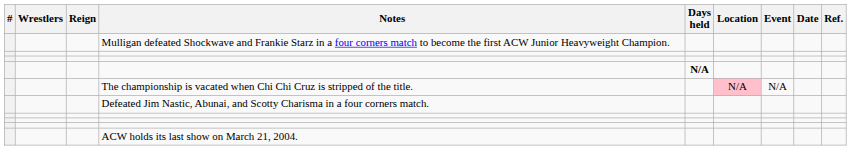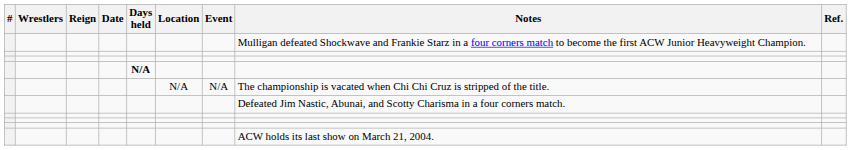 <table class="wikitable sortable" width=98% style="text-align:center;">
 <tr>
 <th>#</th>
 <th>Wrestlers</th>
 <th>Reign</th>
-<th>Notes</th>
+<th>Date</th>
 <th>Days<br>held</th>
 <th>Location</th>
 <th>Event</th>
-<th>Date</th>
+<th>Notes</th>
 <th>Ref.</th>
 </tr>
 <tr>
 <th></th>
 <td></td>
 <td></td>
-<td align="left">Mulligan defeated Shockwave and Frankie Starz in a <a href='#'>four corners match</a> to become the first ACW Junior Heavyweight Champion.</td>
 <td></td>
 <td></td>
 <td></td>
 <td></td>
+<td align="left">Mulligan defeated Shockwave and Frankie Starz in a <a href='#'>four corners match</a> to become the first ACW Junior Heavyweight Champion.</td>
 <td align="left"></td>
 </tr>
 <tr>
 <th></th>
 <td></td>
 <td></td>
-<td align="left"></td>
 <td></td>
 <td></td>
 <td></td>
 <td></td>
+<td align="left"></td>
 <td align="left"></td>
 </tr>
 <tr>
 <th></th>
 <td></td>
 <td></td>
-<td align="left"></td>
 <td></td>
 <td></td>
 <td></td>
 <td></td>
+<td align="left"></td>
 <td align="left"></td>
 </tr>
 <tr>
 <th></th>
 <td></td>
 <td></td>
-<td align="left"></td>
+<td></td>
 <td><strong>N/A</strong></td>
 <td></td>
 <td></td>
-<td></td>
+<td align="left"></td>
 <td align="left"></td>
 </tr>
 <tr>
 <th></th>
 <td></td>
 <td></td>
+<td></td>
+<td></td>
+<td>N/A</td>
+<td>N/A</td>
 <td align="left">The championship is vacated when Chi Chi Cruz is stripped of the title.</td>
-<td></td>
-<td style="background: pink;">N/A</td>
-<td>N/A</td>
-<td></td>
 <td align="left"></td>
 </tr>
 <tr>
 <th></th>
 <td></td>
 <td></td>
-<td align="left">Defeated Jim Nastic, Abunai, and Scotty Charisma in a four corners match.</td>
 <td></td>
 <td></td>
 <td></td>
 <td></td>
+<td align="left">Defeated Jim Nastic, Abunai, and Scotty Charisma in a four corners match.</td>
 <td align="left"></td>
 </tr>
 <tr>
 <th></th>
 <td></td>
 <td></td>
-<td align="left"></td>
 <td></td>
 <td></td>
 <td></td>
 <td></td>
+<td align="left"></td>
 <td align="left"></td>
 </tr>
 <tr>
 <th></th>
 <td></td>
 <td></td>
-<td align="left"></td>
 <td></td>
 <td></td>
 <td></td>
 <td></td>
+<td align="left"></td>
 <td align="left"></td>
 </tr>
 <tr>
 <th></th>
 <td></td>
 <td></td>
-<td align="left"></td>
 <td></td>
 <td></td>
 <td></td>
 <td></td>
+<td align="left"></td>
 <td align="left"></td>
 </tr>
 <tr>
 <th></th>
 <td></td>
 <td></td>
-<td align="left">ACW holds its last show on March 21, 2004.</td>
 <td></td>
 <td></td>
 <td></td>
 <td></td>
+<td align="left">ACW holds its last show on March 21, 2004.</td>
 <td align="left"></td>
 </tr>
 </table>
